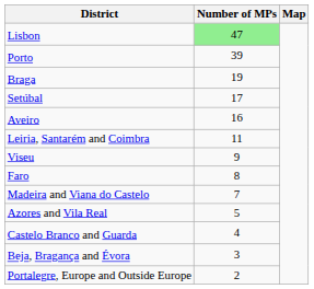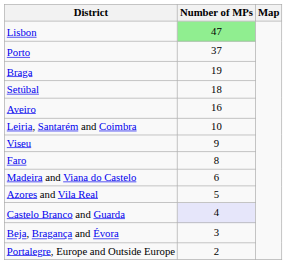 <table class="wikitable">
 <tr>
 <th>District</th>
 <th>Number of MPs</th>
 <th>Map</th>
 </tr>
 <tr>
 <td><a href='#'>Lisbon</a><sup></sup></td>
 <td style="background: lightgreen; text-align:center;">47</td>
 <td style="text-align:center;" rowspan="13"><br>                      </td>
 </tr>
 <tr>
 <td><a href='#'>Porto</a><sup></sup></td>
-<td style="text-align:center;">39</td>
+<td style="text-align:center;">37</td>
 </tr>
 <tr>
 <td><a href='#'>Braga</a><sup></sup></td>
 <td style="text-align:center;">19</td>
 </tr>
 <tr>
 <td><a href='#'>Setúbal</a></td>
-<td style="text-align:center;">17</td>
+<td style="text-align:center;">18</td>
 </tr>
 <tr>
 <td><a href='#'>Aveiro</a><sup></sup></td>
 <td style="text-align:center;">16</td>
 </tr>
 <tr>
 <td><a href='#'>Leiria</a>, <a href='#'>Santarém</a> and <a href='#'>Coimbra</a></td>
-<td style="text-align:center;">11</td>
+<td style="text-align:center;">10</td>
 </tr>
 <tr>
 <td><a href='#'>Viseu</a></td>
 <td style="text-align:center;">9</td>
 </tr>
 <tr>
 <td><a href='#'>Faro</a></td>
 <td style="text-align:center;">8</td>
 </tr>
 <tr>
 <td><a href='#'>Madeira</a> and <a href='#'>Viana do Castelo</a></td>
-<td style="text-align:center;">7</td>
+<td style="text-align:center;">6</td>
 </tr>
 <tr>
 <td><a href='#'>Azores</a> and <a href='#'>Vila Real</a></td>
 <td style="text-align:center;">5</td>
 </tr>
 <tr>
 <td><a href='#'>Castelo Branco</a><sup></sup> and <a href='#'>Guarda</a></td>
-<td style="text-align:center;">4</td>
+<td style="background: lavender; text-align:center;">4</td>
 </tr>
 <tr>
 <td><a href='#'>Beja</a>, <a href='#'>Bragança</a><sup></sup> and <a href='#'>Évora</a></td>
 <td style="text-align:center;">3</td>
 </tr>
 <tr>
 <td><a href='#'>Portalegre</a>, Europe and Outside Europe</td>
 <td style="text-align:center;">2</td>
 </tr>
 </table>
